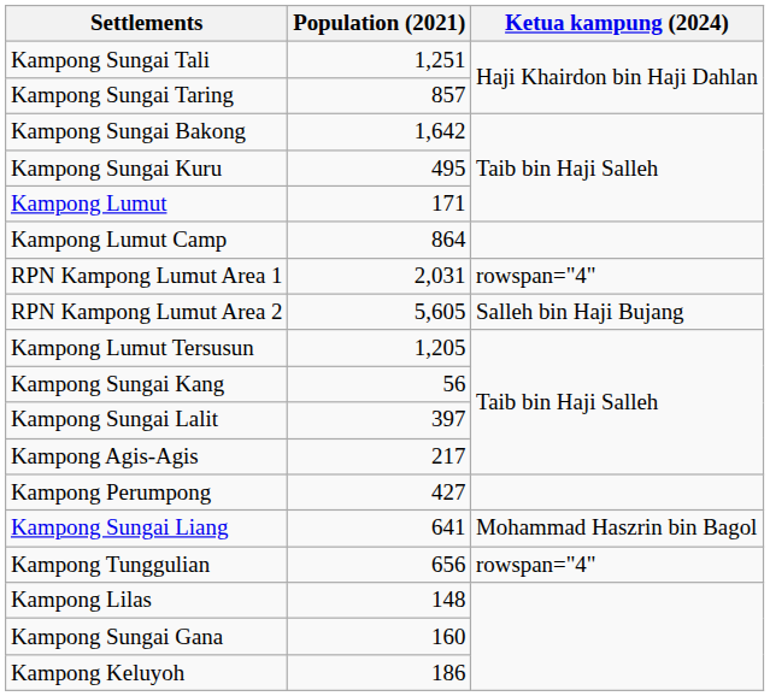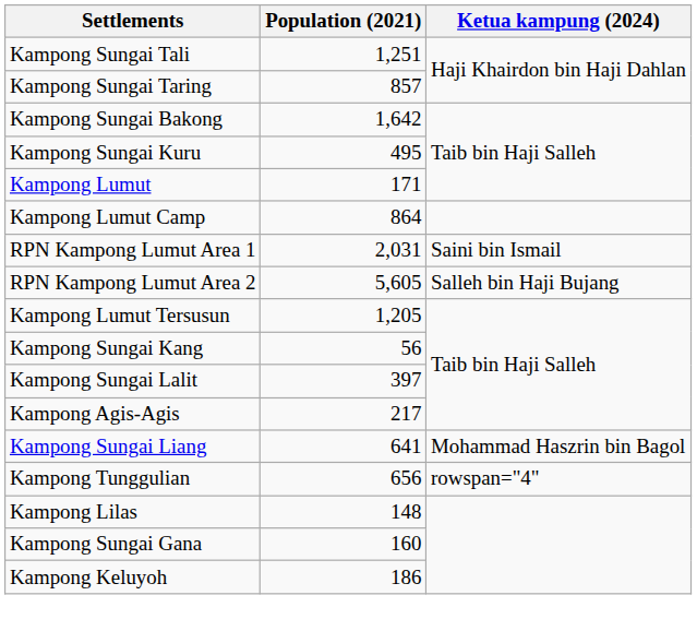 <table class="wikitable">
 <tr>
 <th>Settlements</th>
 <th>Population (2021)</th>
 <th><a href='#'>Ketua kampung</a> (2024)</th>
 </tr>
 <tr>
 <td>Kampong Sungai Tali</td>
 <td align="right">1,251</td>
 <td rowspan="2">Haji Khairdon bin Haji Dahlan</td>
 </tr>
 <tr>
 <td>Kampong Sungai Taring</td>
 <td align="right">857</td>
 </tr>
 <tr>
 <td>Kampong Sungai Bakong</td>
 <td align="right">1,642</td>
 <td rowspan="3">Taib bin Haji Salleh</td>
 </tr>
 <tr>
 <td>Kampong Sungai Kuru</td>
 <td align="right">495</td>
 </tr>
 <tr>
 <td><a href='#'>Kampong Lumut</a></td>
 <td align="right">171</td>
 </tr>
 <tr>
 <td>Kampong Lumut Camp</td>
 <td align="right">864</td>
 <td></td>
 </tr>
 <tr>
 <td>RPN Kampong Lumut Area 1</td>
 <td align="right">2,031</td>
-<td>rowspan="4" </td>
+<td>Saini bin Ismail</td>
 </tr>
 <tr>
 <td>RPN Kampong Lumut Area 2</td>
 <td align="right">5,605</td>
 <td>Salleh bin Haji Bujang</td>
 </tr>
 <tr>
 <td>Kampong Lumut Tersusun</td>
 <td align="right">1,205</td>
 <td rowspan="4">Taib bin Haji Salleh</td>
 </tr>
 <tr>
 <td>Kampong Sungai Kang</td>
 <td align="right">56</td>
 </tr>
 <tr>
 <td>Kampong Sungai Lalit</td>
 <td align="right">397</td>
 </tr>
 <tr>
 <td>Kampong Agis-Agis</td>
 <td align="right">217</td>
 </tr>
 <tr>
-<td>Kampong Perumpong</td>
-<td align="right">427</td>
-<td></td>
-</tr>
-<tr>
 <td><a href='#'>Kampong Sungai Liang</a></td>
 <td align="right">641</td>
 <td>Mohammad Haszrin bin Bagol</td>
 </tr>
 <tr>
 <td>Kampong Tunggulian</td>
 <td align="right">656</td>
 <td>rowspan="4" </td>
 </tr>
 <tr>
 <td>Kampong Lilas</td>
 <td align="right">148</td>
 </tr>
 <tr>
 <td>Kampong Sungai Gana</td>
 <td align="right">160</td>
 </tr>
 <tr>
 <td>Kampong Keluyoh</td>
 <td align="right">186</td>
 </tr>
 </table>
